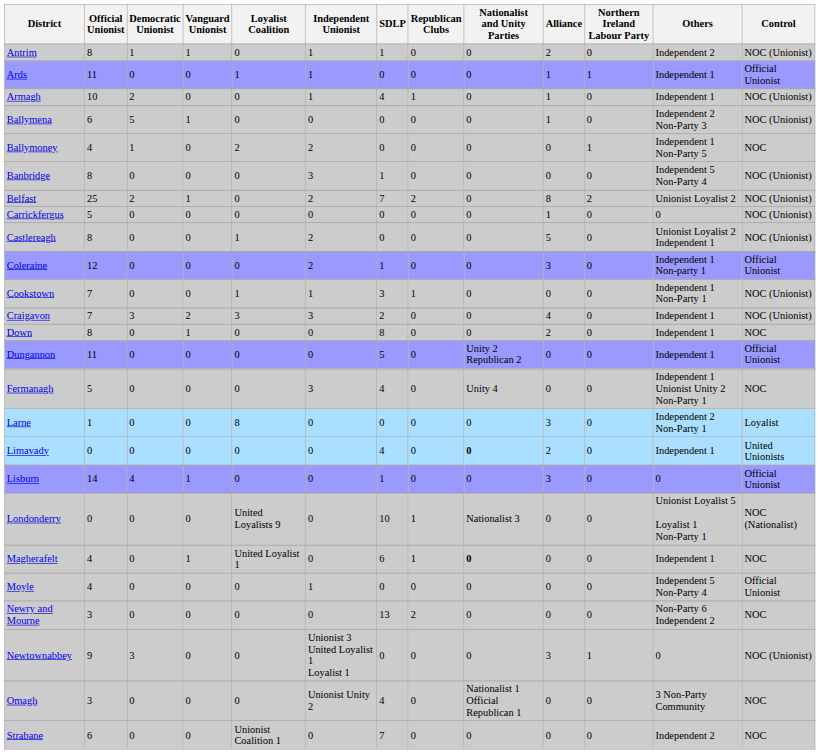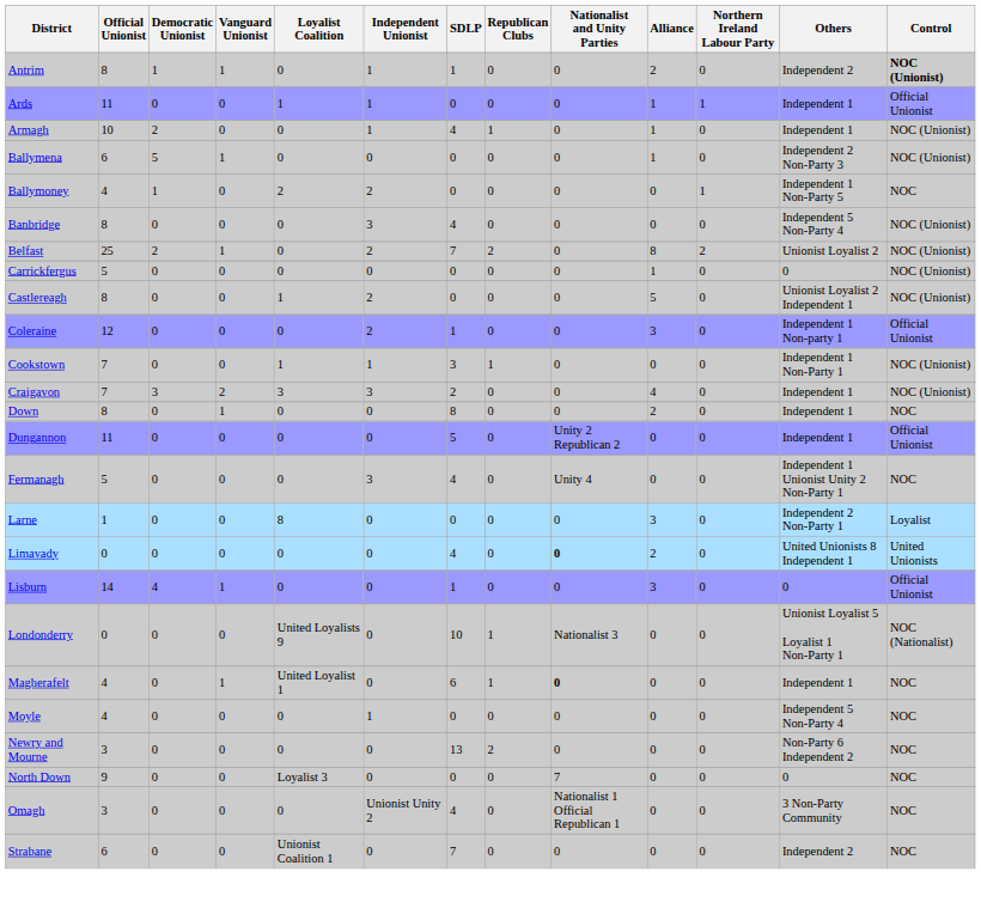 <table class="wikitable">
 <tr border=1 cellspacing=0 cellpadding=5>
 <th>District</th>
 <th>Official <br>Unionist</th>
 <th>Democratic <br>Unionist</th>
 <th>Vanguard <br>Unionist</th>
 <th>Loyalist <br>Coalition</th>
 <th>Independent<br> Unionist</th>
 <th>SDLP</th>
 <th>Republican <br>Clubs</th>
 <th>Nationalist <br>and Unity <br>Parties</th>
 <th>Alliance</th>
 <th>Northern Ireland <br>Labour Party</th>
 <th>Others</th>
 <th>Control</th>
 </tr>
 <tr>
 </tr>
 <tr bgcolor=CCCCCC>
 <td><a href='#'>Antrim</a></td>
 <td>8</td>
 <td>1</td>
 <td>1</td>
 <td>0</td>
 <td>1</td>
 <td>1</td>
 <td>0</td>
 <td>0</td>
 <td>2</td>
 <td>0</td>
 <td>Independent 2</td>
-<td>NOC (Unionist)</td>
+<td><strong>NOC (Unionist)</strong></td>
 </tr>
 <tr>
 </tr>
 <tr bgcolor=#9999FF>
 <td><a href='#'>Ards</a></td>
 <td>11</td>
 <td>0</td>
 <td>0</td>
 <td>1</td>
 <td>1</td>
 <td>0</td>
 <td>0</td>
 <td>0</td>
 <td>1</td>
 <td>1</td>
 <td>Independent 1</td>
 <td>Official Unionist</td>
 </tr>
 <tr>
 </tr>
 <tr bgcolor=CCCCCC>
 <td><a href='#'>Armagh</a></td>
 <td>10</td>
 <td>2</td>
 <td>0</td>
 <td>0</td>
 <td>1</td>
 <td>4</td>
 <td>1</td>
 <td>0</td>
 <td>1</td>
 <td>0</td>
 <td>Independent 1</td>
 <td>NOC (Unionist)</td>
 </tr>
 <tr>
 </tr>
 <tr bgcolor=CCCCCC>
 <td><a href='#'>Ballymena</a></td>
 <td>6</td>
 <td>5</td>
 <td>1</td>
 <td>0</td>
 <td>0</td>
 <td>0</td>
 <td>0</td>
 <td>0</td>
 <td>1</td>
 <td>0</td>
 <td>Independent 2<br>Non-Party 3</td>
 <td>NOC (Unionist)</td>
 </tr>
 <tr>
 </tr>
 <tr bgcolor=CCCCCC>
 <td><a href='#'>Ballymoney</a></td>
 <td>4</td>
 <td>1</td>
 <td>0</td>
 <td>2</td>
 <td>2</td>
 <td>0</td>
 <td>0</td>
 <td>0</td>
 <td>0</td>
 <td>1</td>
 <td>Independent 1 <br>Non-Party 5</td>
 <td>NOC</td>
 </tr>
 <tr>
 </tr>
 <tr bgcolor=CCCCCC>
 <td><a href='#'>Banbridge</a></td>
 <td>8</td>
 <td>0</td>
 <td>0</td>
 <td>0</td>
 <td>3</td>
-<td>1</td>
+<td>4</td>
 <td>0</td>
 <td>0</td>
 <td>0</td>
 <td>0</td>
 <td>Independent 5 <br>Non-Party 4</td>
 <td>NOC (Unionist)</td>
 </tr>
 <tr>
 </tr>
 <tr bgcolor=CCCCCC>
 <td><a href='#'>Belfast</a></td>
 <td>25</td>
 <td>2</td>
 <td>1</td>
 <td>0</td>
 <td>2</td>
 <td>7</td>
 <td>2</td>
 <td>0</td>
 <td>8</td>
 <td>2</td>
 <td>Unionist Loyalist 2</td>
 <td>NOC (Unionist)</td>
 </tr>
 <tr>
 </tr>
 <tr bgcolor=CCCCCC>
 <td><a href='#'>Carrickfergus</a></td>
 <td>5</td>
 <td>0</td>
 <td>0</td>
 <td>0</td>
 <td>0</td>
 <td>0</td>
 <td>0</td>
 <td>0</td>
 <td>1</td>
 <td>0</td>
 <td>0</td>
 <td>NOC (Unionist)</td>
 </tr>
 <tr>
 </tr>
 <tr bgcolor=CCCCCC>
 <td><a href='#'>Castlereagh</a></td>
 <td>8</td>
 <td>0</td>
 <td>0</td>
 <td>1</td>
 <td>2</td>
 <td>0</td>
 <td>0</td>
 <td>0</td>
 <td>5</td>
 <td>0</td>
 <td>Unionist Loyalist 2 <br>Independent 1</td>
 <td>NOC (Unionist)</td>
 </tr>
 <tr>
 </tr>
 <tr bgcolor=#9999FF>
 <td><a href='#'>Coleraine</a></td>
 <td>12</td>
 <td>0</td>
 <td>0</td>
 <td>0</td>
 <td>2</td>
 <td>1</td>
 <td>0</td>
 <td>0</td>
 <td>3</td>
 <td>0</td>
 <td>Independent 1<br> Non-party 1</td>
 <td>Official Unionist</td>
 </tr>
 <tr>
 </tr>
 <tr bgcolor=CCCCCC>
 <td><a href='#'>Cookstown</a></td>
 <td>7</td>
 <td>0</td>
 <td>0</td>
 <td>1</td>
 <td>1</td>
 <td>3</td>
 <td>1</td>
 <td>0</td>
 <td>0</td>
 <td>0</td>
 <td>Independent 1<br> Non-Party 1</td>
 <td>NOC (Unionist)</td>
 </tr>
 <tr>
 </tr>
 <tr bgcolor=CCCCCC>
 <td><a href='#'>Craigavon</a></td>
 <td>7</td>
 <td>3</td>
 <td>2</td>
 <td>3</td>
 <td>3</td>
 <td>2</td>
 <td>0</td>
 <td>0</td>
 <td>4</td>
 <td>0</td>
 <td>Independent 1</td>
 <td>NOC (Unionist)</td>
 </tr>
 <tr>
 </tr>
 <tr bgcolor=CCCCCC>
 <td><a href='#'>Down</a></td>
 <td>8</td>
 <td>0</td>
 <td>1</td>
 <td>0</td>
 <td>0</td>
 <td>8</td>
 <td>0</td>
 <td>0</td>
 <td>2</td>
 <td>0</td>
 <td>Independent 1</td>
 <td>NOC</td>
 </tr>
 <tr>
 </tr>
 <tr bgcolor=#9999FF>
 <td><a href='#'>Dungannon</a></td>
 <td>11</td>
 <td>0</td>
 <td>0</td>
 <td>0</td>
 <td>0</td>
 <td>5</td>
 <td>0</td>
 <td>Unity 2 <br>Republican 2</td>
 <td>0</td>
 <td>0</td>
 <td>Independent 1</td>
 <td>Official Unionist</td>
 </tr>
 <tr>
 </tr>
 <tr bgcolor=CCCCCC>
 <td><a href='#'>Fermanagh</a></td>
 <td>5</td>
 <td>0</td>
 <td>0</td>
 <td>0</td>
 <td>3</td>
 <td>4</td>
 <td>0</td>
 <td>Unity 4</td>
 <td>0</td>
 <td>0</td>
 <td>Independent 1 <br>Unionist Unity 2 <br>Non-Party 1</td>
 <td>NOC</td>
 </tr>
 <tr bgcolor=#aadfff>
 <td><a href='#'>Larne</a></td>
 <td>1</td>
 <td>0</td>
 <td>0</td>
 <td>8</td>
 <td>0</td>
 <td>0</td>
 <td>0</td>
 <td>0</td>
 <td>3</td>
 <td>0</td>
 <td>Independent 2 <br>Non-Party 1</td>
 <td>Loyalist</td>
 </tr>
 <tr bgcolor=#aadfff>
 <td><a href='#'>Limavady</a></td>
 <td>0</td>
 <td>0</td>
 <td>0</td>
 <td>0</td>
 <td>0</td>
 <td>4</td>
 <td>0</td>
 <td><strong>0</strong></td>
 <td>2</td>
 <td>0</td>
-<td>Independent 1</td>
+<td>United Unionists 8 <br>Independent 1</td>
 <td>United Unionists</td>
 </tr>
 <tr>
 </tr>
 <tr>
 </tr>
 <tr bgcolor=#9999FF>
 <td><a href='#'>Lisburn</a></td>
 <td>14</td>
 <td>4</td>
 <td>1</td>
 <td>0</td>
 <td>0</td>
 <td>1</td>
 <td>0</td>
 <td>0</td>
 <td>3</td>
 <td>0</td>
 <td>0</td>
 <td>Official Unionist</td>
 </tr>
 <tr>
 </tr>
 <tr bgcolor=CCCCCC>
 <td><a href='#'>Londonderry</a></td>
 <td>0</td>
 <td>0</td>
 <td>0</td>
 <td>United Loyalists 9</td>
 <td>0</td>
 <td>10</td>
 <td>1</td>
 <td>Nationalist 3</td>
 <td>0</td>
 <td>0</td>
 <td>Unionist Loyalist 5<br><br>Loyalist 1<br> Non-Party 1</td>
 <td>NOC (Nationalist)</td>
 </tr>
 <tr>
 </tr>
 <tr bgcolor=CCCCCC>
 <td><a href='#'>Magherafelt</a></td>
 <td>4</td>
 <td>0</td>
 <td>1</td>
 <td>United Loyalist 1</td>
 <td>0</td>
 <td>6</td>
 <td>1</td>
 <td><strong>0</strong></td>
 <td>0</td>
 <td>0</td>
 <td>Independent 1</td>
 <td>NOC</td>
 </tr>
 <tr>
 </tr>
 <tr bgcolor=CCCCCC>
 <td><a href='#'>Moyle</a></td>
 <td>4</td>
 <td>0</td>
 <td>0</td>
 <td>0</td>
 <td>1</td>
 <td>0</td>
 <td>0</td>
 <td>0</td>
 <td>0</td>
 <td>0</td>
 <td>Independent 5 <br>Non-Party 4</td>
-<td>Official Unionist</td>
+<td>NOC</td>
 </tr>
 <tr>
 </tr>
 <tr bgcolor=CCCCCC>
 <td><a href='#'>Newry and Mourne</a></td>
 <td>3</td>
 <td>0</td>
 <td>0</td>
 <td>0</td>
 <td>0</td>
 <td>13</td>
 <td>2</td>
 <td>0</td>
 <td>0</td>
 <td>0</td>
 <td>Non-Party 6 <br>Independent 2</td>
 <td>NOC</td>
 </tr>
 <tr>
 </tr>
+<tr>
+</tr>
 <tr bgcolor=CCCCCC>
-<td><a href='#'>Newtownabbey</a></td>
+<td><a href='#'>North Down</a></td>
 <td>9</td>
-<td>3</td>
 <td>0</td>
 <td>0</td>
-<td>Unionist 3 <br>United Loyalist 1 <br>Loyalist 1</td>
+<td>Loyalist 3</td>
 <td>0</td>
 <td>0</td>
 <td>0</td>
-<td>3</td>
-<td>1</td>
+<td>7</td>
 <td>0</td>
-<td>NOC (Unionist)</td>
-</tr>
-<tr>
+<td>0</td>
+<td>0</td>
+<td>NOC</td>
 </tr>
 <tr>
 </tr>
 <tr bgcolor=CCCCCC>
 <td><a href='#'>Omagh</a></td>
 <td>3</td>
 <td>0</td>
 <td>0</td>
 <td>0</td>
 <td>Unionist Unity 2</td>
 <td>4</td>
 <td>0</td>
 <td>Nationalist 1<br> Official Republican 1</td>
 <td>0</td>
 <td>0</td>
 <td>3 Non-Party Community</td>
 <td>NOC</td>
 </tr>
 <tr>
 </tr>
 <tr bgcolor=CCCCCC>
 <td><a href='#'>Strabane</a></td>
 <td>6</td>
 <td>0</td>
 <td>0</td>
 <td>Unionist Coalition 1</td>
 <td>0</td>
 <td>7</td>
 <td>0</td>
 <td>0</td>
 <td>0</td>
 <td>0</td>
 <td>Independent 2</td>
 <td>NOC</td>
 </tr>
 </table>
